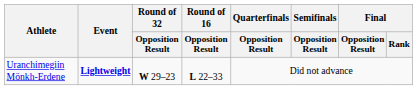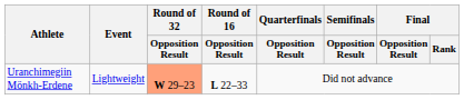 <table class="wikitable" style="font-size:90%">
 <tr>
 <th rowspan="2">Athlete</th>
 <th rowspan="2">Event</th>
 <th>Round of 32</th>
 <th>Round of 16</th>
 <th>Quarterfinals</th>
 <th>Semifinals</th>
 <th colspan=2>Final</th>
 </tr>
 <tr style="font-size:95%">
 <th>Opposition<br>Result</th>
 <th>Opposition<br>Result</th>
 <th>Opposition<br>Result</th>
 <th>Opposition<br>Result</th>
 <th>Opposition<br>Result</th>
 <th>Rank</th>
 </tr>
 <tr align=center>
 <td align=left><a href='#'>Uranchimegiin Mönkh-Erdene</a></td>
-<td align=left><strong><a href='#'>Lightweight</a></strong></td>
-<td><br><strong>W</strong> 29–23</td>
+<td align=left><a href='#'>Lightweight</a></td>
+<td style="background: lightsalmon;"><br><strong>W</strong> 29–23</td>
 <td><br><strong>L</strong> 22–33</td>
 <td colspan=5>Did not advance</td>
 </tr>
 </table>
